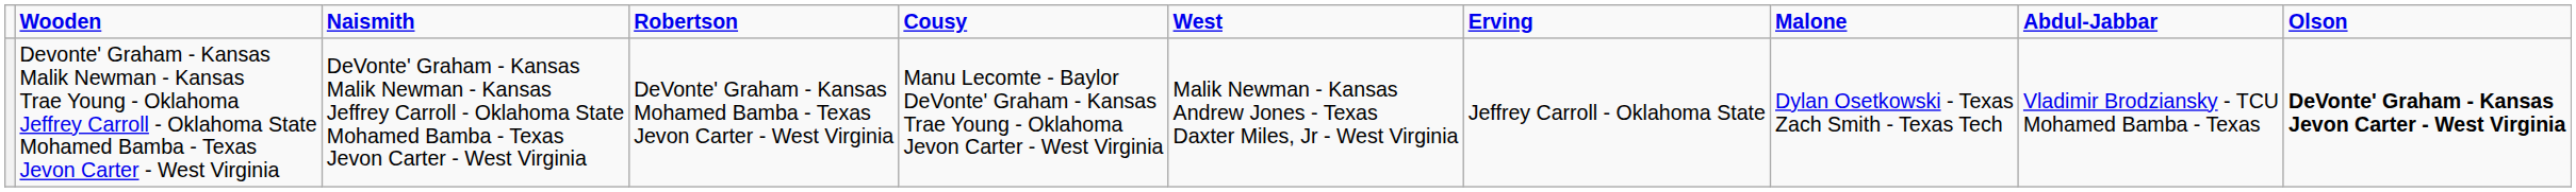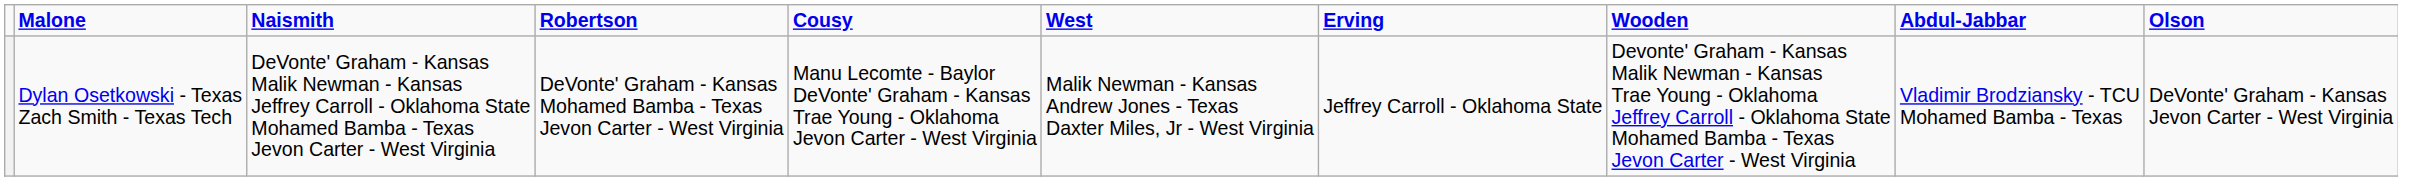 <table class="wikitable" style="white-space:nowrap; font-size:90%;">
 <tr>
 <td></td>
-<td><strong><a href='#'>Wooden</a></strong></td>
+<td><strong><a href='#'>Malone</a></strong></td>
 <td><strong><a href='#'>Naismith</a></strong></td>
 <td><strong><a href='#'>Robertson</a></strong></td>
 <td><strong><a href='#'>Cousy</a></strong></td>
 <td><strong><a href='#'>West</a></strong></td>
 <td><strong><a href='#'>Erving</a></strong></td>
-<td><strong><a href='#'>Malone</a></strong></td>
+<td><strong><a href='#'>Wooden</a></strong></td>
 <td><strong><a href='#'>Abdul-Jabbar</a></strong></td>
 <td><strong><a href='#'>Olson</a></strong></td>
 </tr>
 <tr>
 <th></th>
-<td>Devonte' Graham - Kansas<br>Malik Newman - Kansas<br>Trae Young - Oklahoma<br><a href='#'>Jeffrey Carroll</a> - Oklahoma State<br>Mohamed Bamba - Texas<br><a href='#'>Jevon Carter</a> - West Virginia</td>
+<td><a href='#'>Dylan Osetkowski</a> - Texas<br>Zach Smith - Texas Tech</td>
 <td>DeVonte' Graham - Kansas<br>Malik Newman - Kansas<br>Jeffrey Carroll - Oklahoma State<br>Mohamed Bamba - Texas<br>Jevon Carter - West Virginia</td>
 <td>DeVonte' Graham - Kansas<br>Mohamed Bamba - Texas<br>Jevon Carter - West Virginia</td>
 <td>Manu Lecomte - Baylor<br>DeVonte' Graham - Kansas<br>Trae Young - Oklahoma<br>Jevon Carter - West Virginia</td>
 <td>Malik Newman - Kansas<br>Andrew Jones - Texas<br>Daxter Miles, Jr - West Virginia</td>
 <td>Jeffrey Carroll - Oklahoma State</td>
-<td><a href='#'>Dylan Osetkowski</a> - Texas<br>Zach Smith - Texas Tech</td>
+<td>Devonte' Graham - Kansas<br>Malik Newman - Kansas<br>Trae Young - Oklahoma<br><a href='#'>Jeffrey Carroll</a> - Oklahoma State<br>Mohamed Bamba - Texas<br><a href='#'>Jevon Carter</a> - West Virginia</td>
 <td><a href='#'>Vladimir Brodziansky</a> - TCU<br>Mohamed Bamba - Texas</td>
-<td><strong>DeVonte' Graham - Kansas<br>Jevon Carter - West Virginia</strong></td>
+<td>DeVonte' Graham - Kansas<br>Jevon Carter - West Virginia</td>
 </tr>
 </table>
